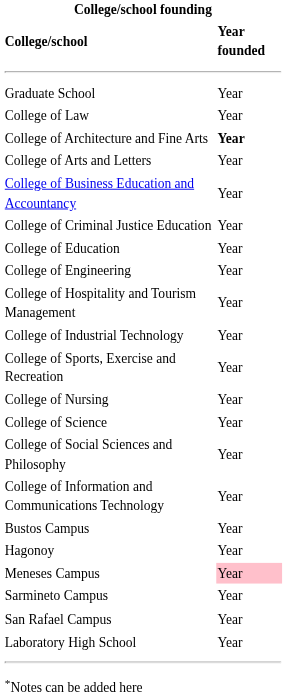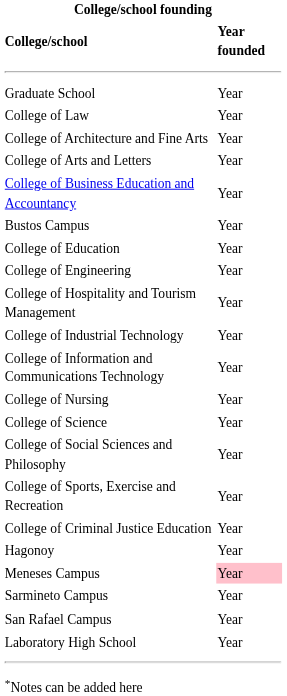 <table class="toccolours" style="float:right; margin-left:1em; font-size:90%; line-height:1.4em; width:300px;">
 <tr>
 <th colspan="2" style="text-align: center;">College/school founding</th>
 </tr>
 <tr>
 <td><strong>College/school</strong></td>
 <td><strong>Year founded</strong></td>
 </tr>
 <tr>
 <td colspan="2"><hr></td>
 </tr>
 <tr>
 <td>Graduate School</td>
 <td>Year</td>
 </tr>
 <tr>
 <td>College of Law</td>
 <td>Year</td>
 </tr>
 <tr>
 <td>College of Architecture and Fine Arts</td>
-<td><strong>Year</strong></td>
+<td>Year</td>
 </tr>
 <tr>
 <td>College of Arts and Letters</td>
 <td>Year</td>
 </tr>
 <tr>
 <td><a href='#'>College of Business Education and Accountancy</a></td>
 <td>Year</td>
 </tr>
 <tr>
-<td>College of Criminal Justice Education</td>
+<td>Bustos Campus</td>
 <td>Year</td>
 </tr>
 <tr>
 <td>College of Education</td>
 <td>Year</td>
 </tr>
 <tr>
 <td>College of Engineering</td>
 <td>Year</td>
 </tr>
 <tr>
 <td>College of Hospitality and Tourism Management</td>
 <td>Year</td>
 </tr>
 <tr>
 <td>College of Industrial Technology</td>
 <td>Year</td>
 </tr>
 <tr>
-<td>College of Sports, Exercise and Recreation</td>
+<td>College of Information and Communications Technology</td>
 <td>Year</td>
 </tr>
 <tr>
 <td>College of Nursing</td>
 <td>Year</td>
 </tr>
 <tr>
 <td>College of Science</td>
 <td>Year</td>
 </tr>
 <tr>
 <td>College of Social Sciences and Philosophy</td>
 <td>Year</td>
 </tr>
 <tr>
-<td>College of Information and Communications Technology</td>
+<td>College of Sports, Exercise and Recreation</td>
 <td>Year</td>
 </tr>
 <tr>
-<td>Bustos Campus</td>
+<td>College of Criminal Justice Education</td>
 <td>Year</td>
 </tr>
 <tr>
 <td>Hagonoy</td>
 <td>Year</td>
 </tr>
 <tr>
 <td>Meneses Campus</td>
 <td style="background: pink;">Year</td>
 </tr>
 <tr>
 <td>Sarmineto Campus</td>
 <td>Year</td>
 </tr>
 <tr>
 <td>San Rafael Campus</td>
 <td>Year</td>
 </tr>
 <tr>
 <td>Laboratory High School</td>
 <td>Year</td>
 </tr>
 <tr>
 <td colspan="2"><hr></td>
 </tr>
 <tr>
 <td colspan="2" align="left"><sup>*</sup>Notes can be added here</td>
 </tr>
 </table>
